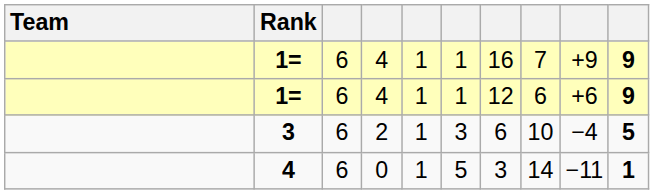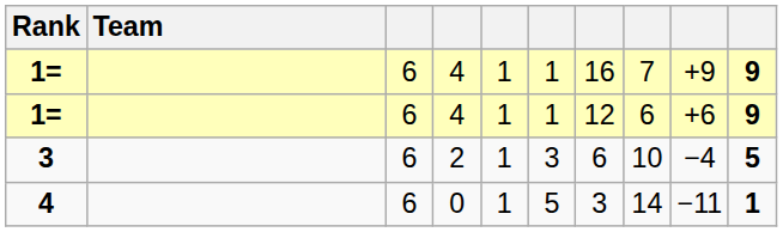 <table class="wikitable" style="text-align:center">
 <tr>
+<th width=30>Rank</th>
 <th width=165 style="text-align:left">Team</th>
-<th width=30>Rank</th>
 <th width=20></th>
 <th width=20></th>
 <th width=20></th>
 <th width=20></th>
 <th width=20></th>
 <th width=20></th>
 <th width=20></th>
 <th width=20></th>
 </tr>
 <tr bgcolor="#FFFFBB">
+<td><strong>1=</strong></td>
 <td align="left"></td>
-<td><strong>1=</strong></td>
 <td>6</td>
 <td>4</td>
 <td>1</td>
 <td>1</td>
 <td>16</td>
 <td>7</td>
 <td>+9</td>
 <td><strong>9</strong></td>
 </tr>
 <tr bgcolor="#FFFFBB">
+<td><strong>1=</strong></td>
 <td align="left"></td>
-<td><strong>1=</strong></td>
 <td>6</td>
 <td>4</td>
 <td>1</td>
 <td>1</td>
 <td>12</td>
 <td>6</td>
 <td>+6</td>
 <td><strong>9</strong></td>
 </tr>
 <tr>
+<td><strong>3</strong></td>
 <td align="left"></td>
-<td><strong>3</strong></td>
 <td>6</td>
 <td>2</td>
 <td>1</td>
 <td>3</td>
 <td>6</td>
 <td>10</td>
 <td>−4</td>
 <td><strong>5</strong></td>
 </tr>
 <tr>
+<td><strong>4</strong></td>
 <td align="left"></td>
-<td><strong>4</strong></td>
 <td>6</td>
 <td>0</td>
 <td>1</td>
 <td>5</td>
 <td>3</td>
 <td>14</td>
 <td>−11</td>
 <td><strong>1</strong></td>
 </tr>
 </table>
